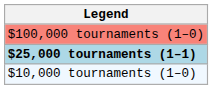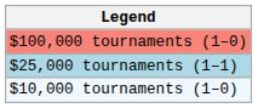 <table class="wikitable" style="font-size:85%">
 <tr>
 <th>Legend</th>
 </tr>
 <tr style="background:#f88379;">
 <td>$100,000 tournaments (1–0)</td>
 </tr>
 <tr style="background:lightblue;">
-<td><strong>$25,000 tournaments (1–1)</strong></td>
+<td>$25,000 tournaments (1–1)</td>
 </tr>
 <tr style="background:#f0f8ff;">
 <td>$10,000 tournaments (1–0)</td>
 </tr>
 </table>
